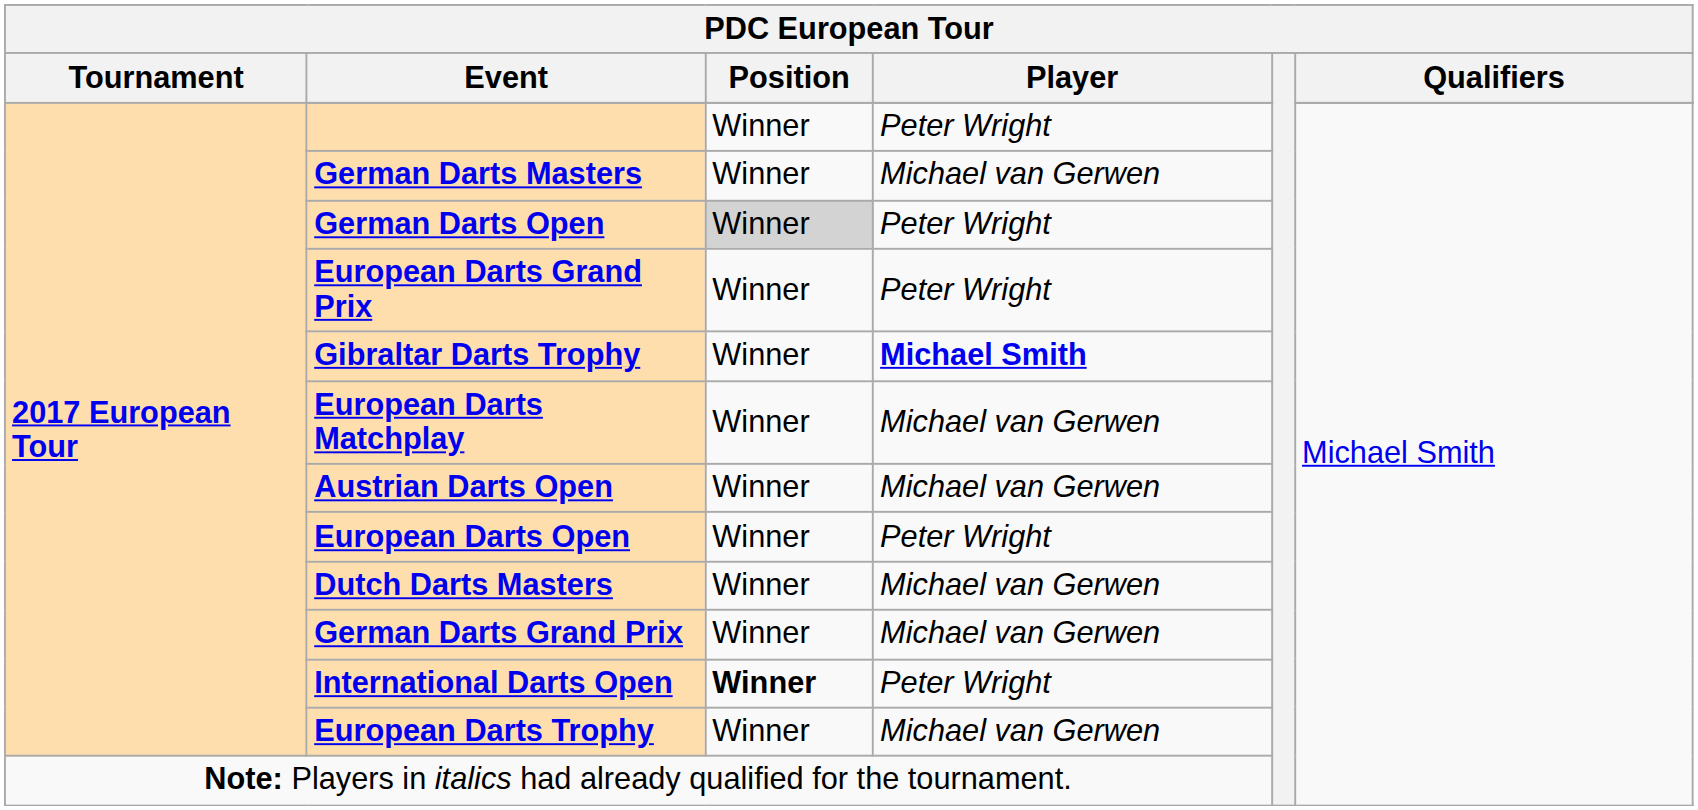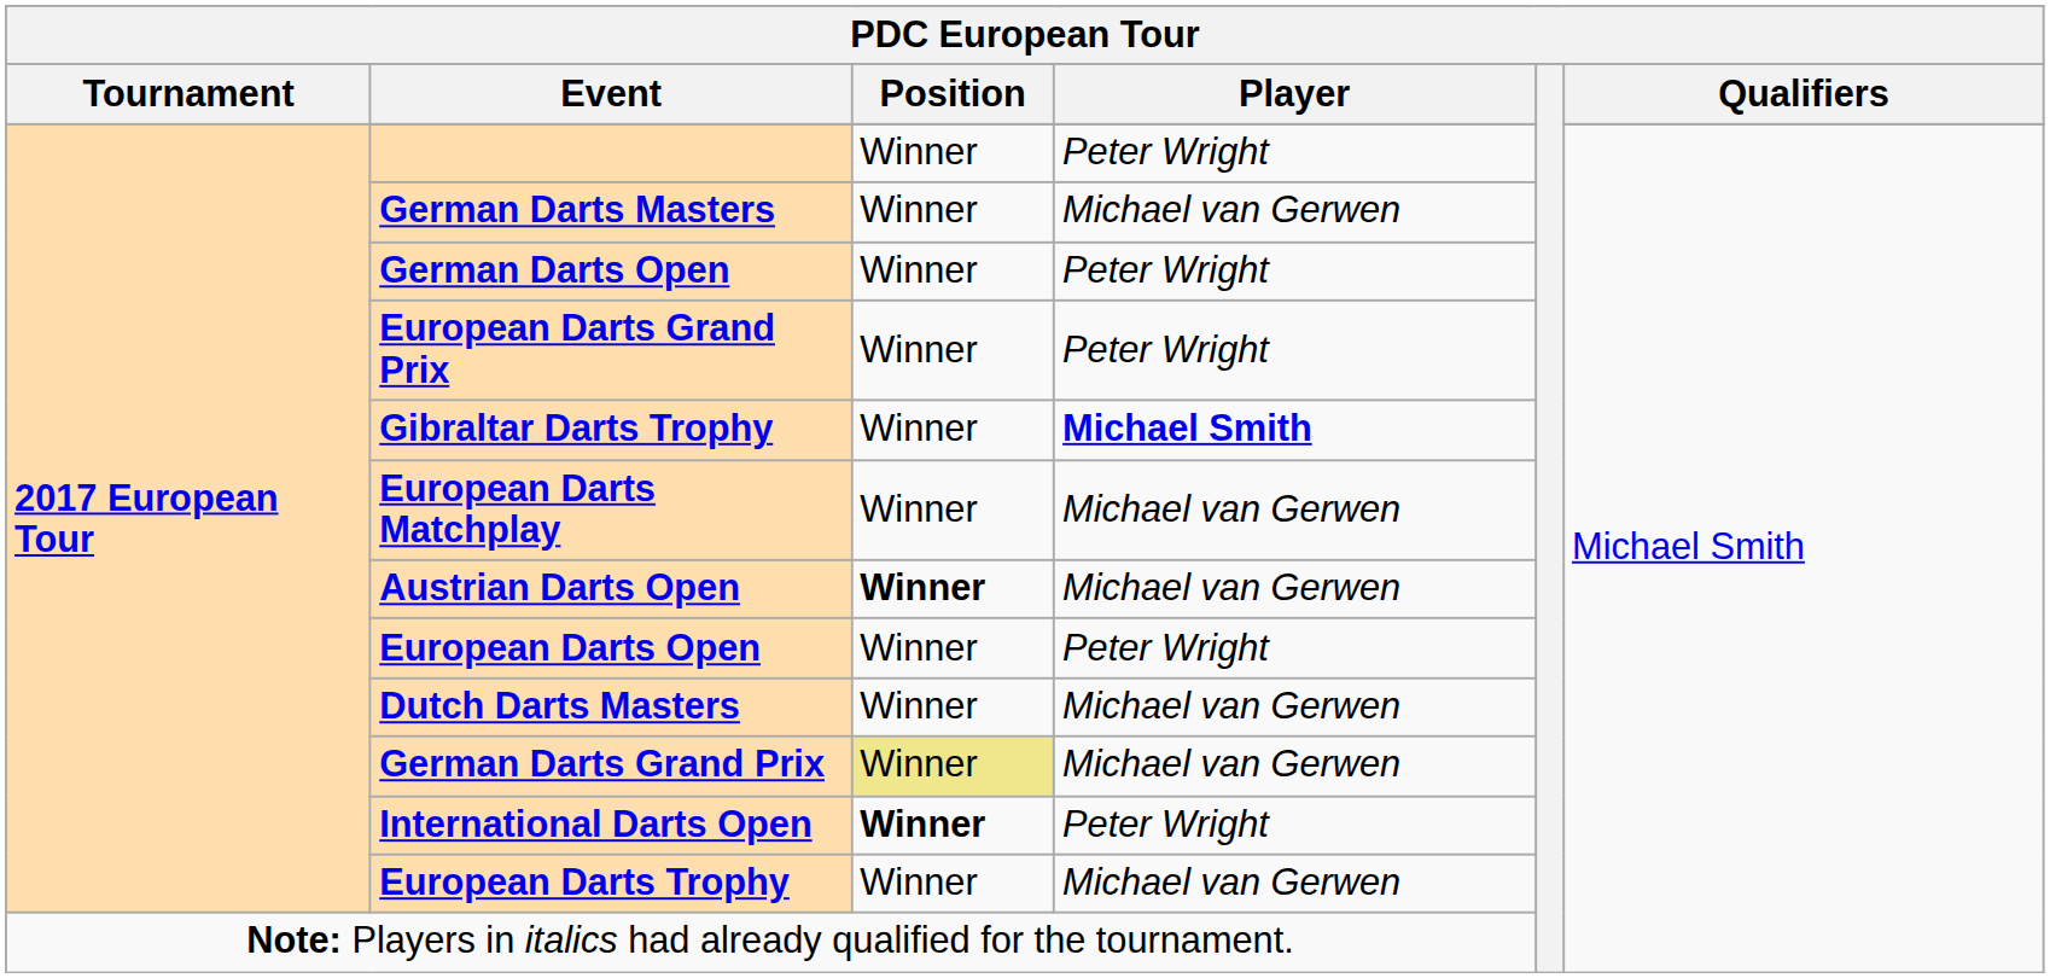 <table class="wikitable">
 <tr>
 <th colspan=6>PDC European Tour</th>
 </tr>
 <tr>
 <th width=150>Tournament</th>
 <th width=200>Event</th>
 <th width=80>Position</th>
 <th width=200>Player</th>
 <th rowspan=15 width=5></th>
 <th width=200>Qualifiers</th>
 </tr>
 <tr>
 <td rowspan=13 style="background:#ffdead;"><strong><a href='#'>2017 European Tour</a></strong></td>
 </tr>
 <tr>
 <td style="background:#ffdead;"></td>
 <td>Winner</td>
 <td> <em>Peter Wright</em></td>
 <td rowspan=13> <a href='#'>Michael Smith</a></td>
 </tr>
 <tr>
 <td style="background:#ffdead;"><strong><a href='#'>German Darts Masters</a></strong></td>
 <td>Winner</td>
 <td> <em>Michael van Gerwen</em></td>
 </tr>
 <tr>
 <td style="background:#ffdead;"><strong><a href='#'>German Darts Open</a></strong></td>
-<td style="background: lightgrey;">Winner</td>
+<td>Winner</td>
 <td> <em>Peter Wright</em></td>
 </tr>
 <tr>
 <td style="background:#ffdead;"><strong><a href='#'>European Darts Grand Prix</a></strong></td>
 <td>Winner</td>
 <td> <em>Peter Wright</em></td>
 </tr>
 <tr>
 <td style="background:#ffdead;"><strong><a href='#'>Gibraltar Darts Trophy</a></strong></td>
 <td>Winner</td>
 <td> <strong><a href='#'>Michael Smith</a></strong></td>
 </tr>
 <tr>
 <td style="background:#ffdead;"><strong><a href='#'>European Darts Matchplay</a></strong></td>
 <td>Winner</td>
 <td> <em>Michael van Gerwen</em></td>
 </tr>
 <tr>
 <td style="background:#ffdead;"><strong><a href='#'>Austrian Darts Open</a></strong></td>
-<td>Winner</td>
+<td><strong>Winner</strong></td>
 <td> <em>Michael van Gerwen</em></td>
 </tr>
 <tr>
 <td style="background:#ffdead;"><strong><a href='#'>European Darts Open</a></strong></td>
 <td>Winner</td>
 <td> <em>Peter Wright</em></td>
 </tr>
 <tr>
 <td style="background:#ffdead;"><strong><a href='#'>Dutch Darts Masters</a></strong></td>
 <td>Winner</td>
 <td> <em>Michael van Gerwen</em></td>
 </tr>
 <tr>
 <td style="background:#ffdead;"><strong><a href='#'>German Darts Grand Prix</a></strong></td>
-<td>Winner</td>
+<td style="background: khaki;">Winner</td>
 <td> <em>Michael van Gerwen</em></td>
 </tr>
 <tr>
 <td style="background:#ffdead;"><strong><a href='#'>International Darts Open</a></strong></td>
 <td><strong>Winner</strong></td>
 <td> <em>Peter Wright</em></td>
 </tr>
 <tr>
 <td style="background:#ffdead;"><strong><a href='#'>European Darts Trophy</a></strong></td>
 <td>Winner</td>
 <td> <em>Michael van Gerwen</em></td>
 </tr>
 <tr>
 <td colspan=4 align=center><strong>Note:</strong> Players in <em>italics</em> had already qualified for the tournament.</td>
 </tr>
 </table>
